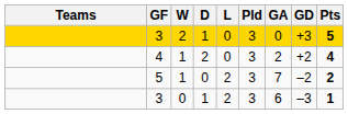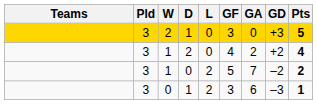 <table class="wikitable" style="text-align: center;">
 <tr>
 <th width=165>Teams</th>
-<th width=20>GF</th>
+<th width=20>Pld</th>
 <th width=20>W</th>
 <th width=20>D</th>
 <th width=20>L</th>
-<th width=20>Pld</th>
+<th width=20>GF</th>
 <th width=20>GA</th>
 <th width=20>GD</th>
 <th width=20>Pts</th>
 </tr>
 <tr align=center style="background:gold">
 <td style="text-align:left;"></td>
 <td>3</td>
 <td>2</td>
 <td>1</td>
 <td>0</td>
 <td>3</td>
 <td>0</td>
 <td>+3</td>
 <td><strong>5</strong></td>
 </tr>
 <tr align=center>
 <td style="text-align:left;"></td>
-<td>4</td>
+<td>3</td>
 <td>1</td>
 <td>2</td>
 <td>0</td>
-<td>3</td>
+<td>4</td>
 <td>2</td>
 <td>+2</td>
 <td><strong>4</strong></td>
 </tr>
 <tr align=center>
 <td style="text-align:left;"></td>
-<td>5</td>
+<td>3</td>
 <td>1</td>
 <td>0</td>
 <td>2</td>
-<td>3</td>
+<td>5</td>
 <td>7</td>
 <td>–2</td>
 <td><strong>2</strong></td>
 </tr>
 <tr align=center>
 <td style="text-align:left;"></td>
 <td>3</td>
 <td>0</td>
 <td>1</td>
 <td>2</td>
 <td>3</td>
 <td>6</td>
 <td>–3</td>
 <td><strong>1</strong></td>
 </tr>
 </table>
